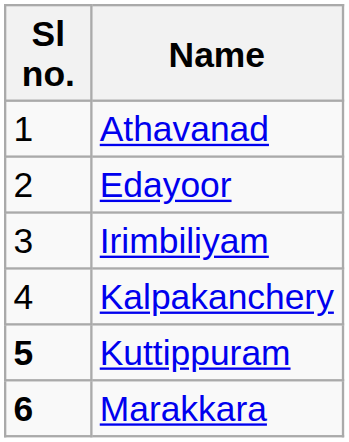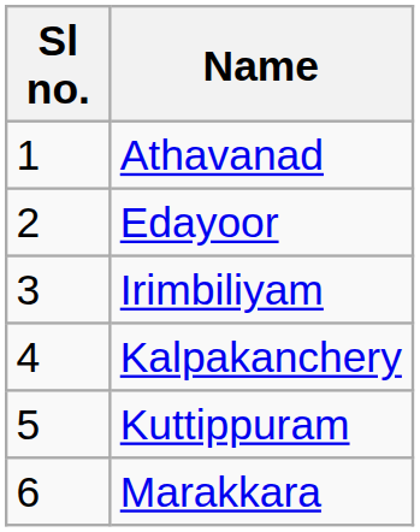 <table class="wikitable sortable" style="font-size: 95%;">
 <tr>
 <th width="30px">Sl no.</th>
 <th width="100px">Name</th>
 </tr>
 <tr>
 <td>1</td>
 <td><a href='#'>Athavanad</a></td>
 </tr>
 <tr>
 <td>2</td>
 <td><a href='#'>Edayoor</a></td>
 </tr>
 <tr>
 <td>3</td>
 <td><a href='#'>Irimbiliyam</a></td>
 </tr>
 <tr>
 <td>4</td>
 <td><a href='#'>Kalpakanchery</a></td>
 </tr>
 <tr>
-<td><strong>5</strong></td>
+<td>5</td>
 <td><a href='#'>Kuttippuram</a></td>
 </tr>
 <tr>
-<td><strong>6</strong></td>
+<td>6</td>
 <td><a href='#'>Marakkara</a></td>
 </tr>
 </table>
